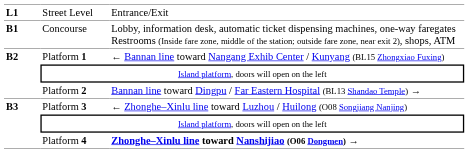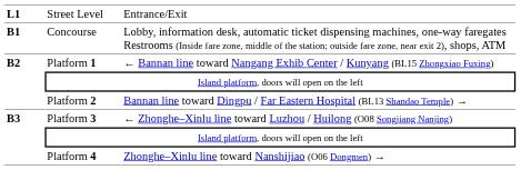 <table border=0 cellspacing=0 cellpadding=3>
 <tr>
 <td style="border-top:solid 1px gray;border-bottom:solid 1px gray;" width=50 valign=top><strong>L1</strong></td>
 <td style="border-top:solid 1px gray;border-bottom:solid 1px gray;" width=100 valign=top>Street Level</td>
 <td style="border-top:solid 1px gray;border-bottom:solid 1px gray;" width=540 valign=top>Entrance/Exit</td>
 </tr>
 <tr>
 <td style="border-bottom:solid 1px gray;" width=50 valign=top><strong>B1</strong></td>
 <td style="border-bottom:solid 1px gray;" width=100 valign=top>Concourse</td>
 <td style="border-bottom:solid 1px gray;" width=440 valign=top>Lobby, information desk, automatic ticket dispensing machines, one-way faregates<br>Restrooms <small>(Inside fare zone, middle of the station; outside fare zone, near exit 2)</small>, shops, ATM</td>
 </tr>
 <tr>
 <td style="border-bottom:solid 1px gray;" rowspan=3 valign=top><strong>B2</strong></td>
 <td>Platform <span><strong>1</strong></span></td>
 <td>←  <a href='#'>Bannan line</a> toward <a href='#'>Nangang Exhib Center</a> / <a href='#'>Kunyang</a> <small>(BL15 <a href='#'>Zhongxiao Fuxing</a>)</small></td>
 </tr>
 <tr>
 <td style="border-top:solid 2px black;border-right:solid 2px black;border-left:solid 2px black;border-bottom:solid 2px black;text-align:center;" colspan=2><small><a href='#'>Island platform</a>, doors will open on the left</small></td>
 </tr>
 <tr>
 <td style="border-bottom:solid 1px gray;">Platform <span><strong>2</strong></span></td>
 <td style="border-bottom:solid 1px gray;">  <a href='#'>Bannan line</a> toward <a href='#'>Dingpu</a> / <a href='#'>Far Eastern Hospital</a> <small>(BL13 <a href='#'>Shandao Temple</a>)</small> →</td>
 </tr>
 <tr>
 <td style="border-bottom:solid 1px gray;" rowspan=3 valign=top><strong>B3</strong></td>
 <td style="border-bottom:solid 0px gray;">Platform <span><strong>3</strong></span></td>
 <td>←  <a href='#'>Zhonghe–Xinlu line</a> toward <a href='#'>Luzhou</a> / <a href='#'>Huilong</a> <small>(O08 <a href='#'>Songjiang Nanjing</a>)</small></td>
 </tr>
 <tr>
 <td style="border-top:solid 2px black;border-right:solid 2px black;border-left:solid 2px black;border-bottom:solid 2px black;text-align:center;" colspan=2><small><a href='#'>Island platform</a>, doors will open on the left</small></td>
 </tr>
 <tr>
 <td style="border-bottom:solid 1px gray;">Platform <span><strong>4</strong></span></td>
-<td style="border-bottom:solid 1px gray;"><strong>  <a href='#'>Zhonghe–Xinlu line</a> toward <a href='#'>Nanshijiao</a> <small>(O06 <a href='#'>Dongmen</a>)</small> →</strong></td>
+<td style="border-bottom:solid 1px gray;">  <a href='#'>Zhonghe–Xinlu line</a> toward <a href='#'>Nanshijiao</a> <small>(O06 <a href='#'>Dongmen</a>)</small> →</td>
 </tr>
 </table>
